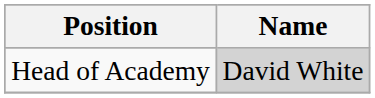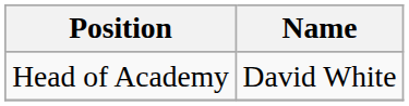 <table class="wikitable">
 <tr>
 <th>Position</th>
 <th>Name</th>
 </tr>
 <tr>
 <td>Head of Academy</td>
-<td style="background: lightgrey;">David White</td>
+<td>David White</td>
 </tr>
 <tr>
 </tr>
 </table>
